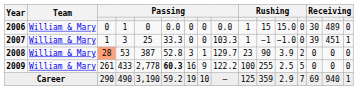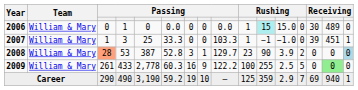 <table class="wikitable sortable" style="text-align:center">
 <tr>
 <th rowspan=2>Year</th>
 <th rowspan=2>Team</th>
 <th colspan=7>Passing</th>
 <th colspan=4>Rushing</th>
 <th colspan=3>Receiving</th>
 </tr>
 <tr>
 <th></th>
 <th></th>
 <th></th>
 <th></th>
 <th></th>
 <th></th>
 <th></th>
 <th></th>
 <th></th>
 <th></th>
 <th></th>
 <th></th>
 <th></th>
 <th></th>
 </tr>
 <tr>
 <td><strong>2006</strong></td>
 <td><a href='#'>William & Mary</a></td>
 <td>0</td>
 <td>1</td>
 <td>0</td>
 <td>0.0</td>
 <td>0</td>
 <td>0</td>
 <td>0.0</td>
 <td>1</td>
-<td>15</td>
+<td style="background: paleturquoise;">15</td>
 <td>15.0</td>
 <td>0</td>
 <td>30</td>
 <td>489</td>
 <td>0</td>
 </tr>
 <tr>
 <td><strong>2007</strong></td>
 <td><a href='#'>William & Mary</a></td>
 <td>1</td>
 <td>3</td>
 <td>25</td>
 <td>33.3</td>
 <td>0</td>
 <td>0</td>
 <td>103.3</td>
 <td>1</td>
 <td>−1</td>
 <td>−1.0</td>
 <td>0</td>
 <td>39</td>
 <td>451</td>
 <td>1</td>
 </tr>
 <tr>
 <td><strong>2008</strong></td>
 <td><a href='#'>William & Mary</a></td>
 <td style="background: lightsalmon;">28</td>
 <td>53</td>
 <td>387</td>
 <td>52.8</td>
 <td>3</td>
 <td>1</td>
 <td>129.7</td>
 <td>23</td>
 <td>90</td>
 <td>3.9</td>
 <td>2</td>
 <td>0</td>
 <td>0</td>
-<td>0</td>
+<td style="background: lightblue;">0</td>
 </tr>
 <tr>
 <td><strong>2009</strong></td>
 <td><a href='#'>William & Mary</a></td>
 <td>261</td>
 <td>433</td>
 <td>2,778</td>
-<td><strong>60.3</strong></td>
+<td>60.3</td>
 <td>16</td>
 <td>9</td>
 <td>122.2</td>
 <td>100</td>
 <td>255</td>
 <td>2.5</td>
 <td>5</td>
 <td>0</td>
-<td>0</td>
+<td style="background: lightgreen;">0</td>
 <td>0</td>
 </tr>
 <tr class="sortbottom" style="background:#eee;">
 <td colspan=2><strong>Career</strong></td>
 <td>290</td>
 <td>490</td>
 <td>3,190</td>
 <td>59.2</td>
 <td>19</td>
 <td>10</td>
 <td>–</td>
 <td>125</td>
 <td>359</td>
 <td>2.9</td>
 <td>7</td>
 <td>69</td>
 <td>940</td>
 <td>1</td>
 </tr>
 </table>
